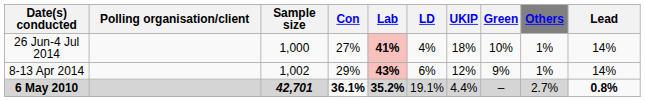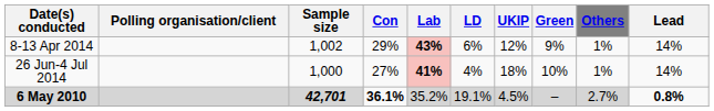 <table class="wikitable sortable" style="text-align:center;font-size:90%;line-height:14px">
 <tr>
 <th ! style="width:95px;">Date(s)<br>conducted</th>
 <th style="width:200px;">Polling organisation/client</th>
 <th class="unsortable" style="width:75px;">Sample size</th>
 <th class="unsortable" style="background:"><a href='#'><span>Con</span></a></th>
 <th class="unsortable" style="background:"><a href='#'><span>Lab</span></a></th>
 <th class="unsortable" style="background:"><a href='#'><span>LD</span></a></th>
 <th class="unsortable" style="background:"><a href='#'><span>UKIP</span></a></th>
 <th class="unsortable" style="background:"><a href='#'><span>Green</span></a></th>
 <th class="unsortable" style="background:gray; width:50px;"><a href='#'><span>Others</span></a></th>
 <th class="unsortable" style="width:80px;">Lead</th>
 </tr>
 <tr>
+<td>8-13 Apr 2014</td>
+<td> </td>
+<td>1,002</td>
+<td>29%</td>
+<td style="background:#F8C1BE"><strong>43%</strong></td>
+<td>6%</td>
+<td>12%</td>
+<td>9%</td>
+<td>1%</td>
+<td style="background:">14%</td>
+</tr>
+<tr>
 <td>26 Jun-4 Jul 2014</td>
 <td> </td>
 <td>1,000</td>
 <td>27%</td>
 <td style="background:#F8C1BE"><strong>41%</strong></td>
 <td>4%</td>
 <td>18%</td>
 <td>10%</td>
 <td>1%</td>
 <td style="background:">14%</td>
 </tr>
 <tr>
-<td>8-13 Apr 2014</td>
-<td> </td>
-<td>1,002</td>
-<td>29%</td>
-<td style="background:#F8C1BE"><strong>43%</strong></td>
-<td>6%</td>
-<td>12%</td>
-<td>9%</td>
-<td>1%</td>
-<td style="background:">14%</td>
-</tr>
-<tr>
 <td style="background:#D5D5D5"><strong>6 May 2010</strong></td>
 <td style="background:#D5D5D5"></td>
 <td style="background:#D5D5D5"><strong><em>42,701</em></strong></td>
 <td style="background:"><strong>36.1%</strong></td>
-<td style="background:#D5D5D5"><strong>35.2%</strong></td>
+<td style="background:#D5D5D5">35.2%</td>
 <td style="background:#D5D5D5">19.1%</td>
-<td style="background:#D5D5D5">4.4%</td>
+<td style="background:#D5D5D5">4.5%</td>
 <td style="background:#D5D5D5">–</td>
 <td style="background:#D5D5D5">2.7%</td>
 <td style="background:"><strong>0.8% </strong></td>
 </tr>
 </table>
